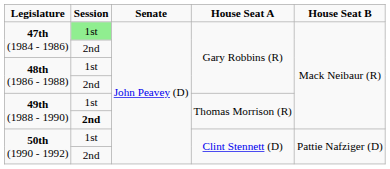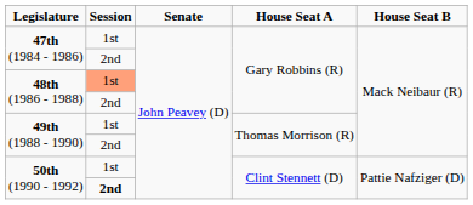 <table class=wikitable style="text-align:center">
 <tr>
 <td><strong>Legislature</strong></td>
 <td><strong>Session</strong></td>
 <td><strong>Senate</strong></td>
 <td><strong>House Seat A</strong></td>
 <td><strong>House Seat B</strong></td>
 </tr>
 <tr>
 <td rowspan="2" colspan="1" style="text-align: center;"><strong>47th</strong> <br> (1984 - 1986)</td>
-<td style="background: lightgreen;">1st</td>
+<td>1st</td>
 <td rowspan="8" colspan="1" style="text-align: center;" ><a href='#'>John Peavey</a> (D)</td>
 <td rowspan="4" colspan="1" style="text-align: center;" >Gary Robbins (R)</td>
 <td rowspan="6" colspan="1" style="text-align: center;" >Mack Neibaur (R)</td>
 </tr>
 <tr>
 <td>2nd</td>
 </tr>
 <tr>
 <td rowspan="2" colspan="1" style="text-align: center;"><strong>48th</strong> <br> (1986 - 1988)</td>
-<td>1st</td>
+<td style="background: lightsalmon;">1st</td>
 </tr>
 <tr>
 <td>2nd</td>
 </tr>
 <tr>
 <td rowspan="2" colspan="1" style="text-align: center;"><strong>49th</strong> <br> (1988 - 1990)</td>
 <td>1st</td>
 <td rowspan="2" colspan="1" style="text-align: center;" >Thomas Morrison (R)</td>
 </tr>
 <tr>
-<td><strong>2nd</strong></td>
+<td>2nd</td>
 </tr>
 <tr>
 <td rowspan="2" colspan="1" style="text-align: center;"><strong>50th</strong> <br> (1990 - 1992)</td>
 <td>1st</td>
 <td rowspan="2" colspan="1" style="text-align: center;" ><a href='#'>Clint Stennett</a> (D)</td>
 <td rowspan="2" colspan="1" style="text-align: center;" >Pattie Nafziger (D)</td>
 </tr>
 <tr>
-<td>2nd</td>
+<td><strong>2nd</strong></td>
 </tr>
 </table>
